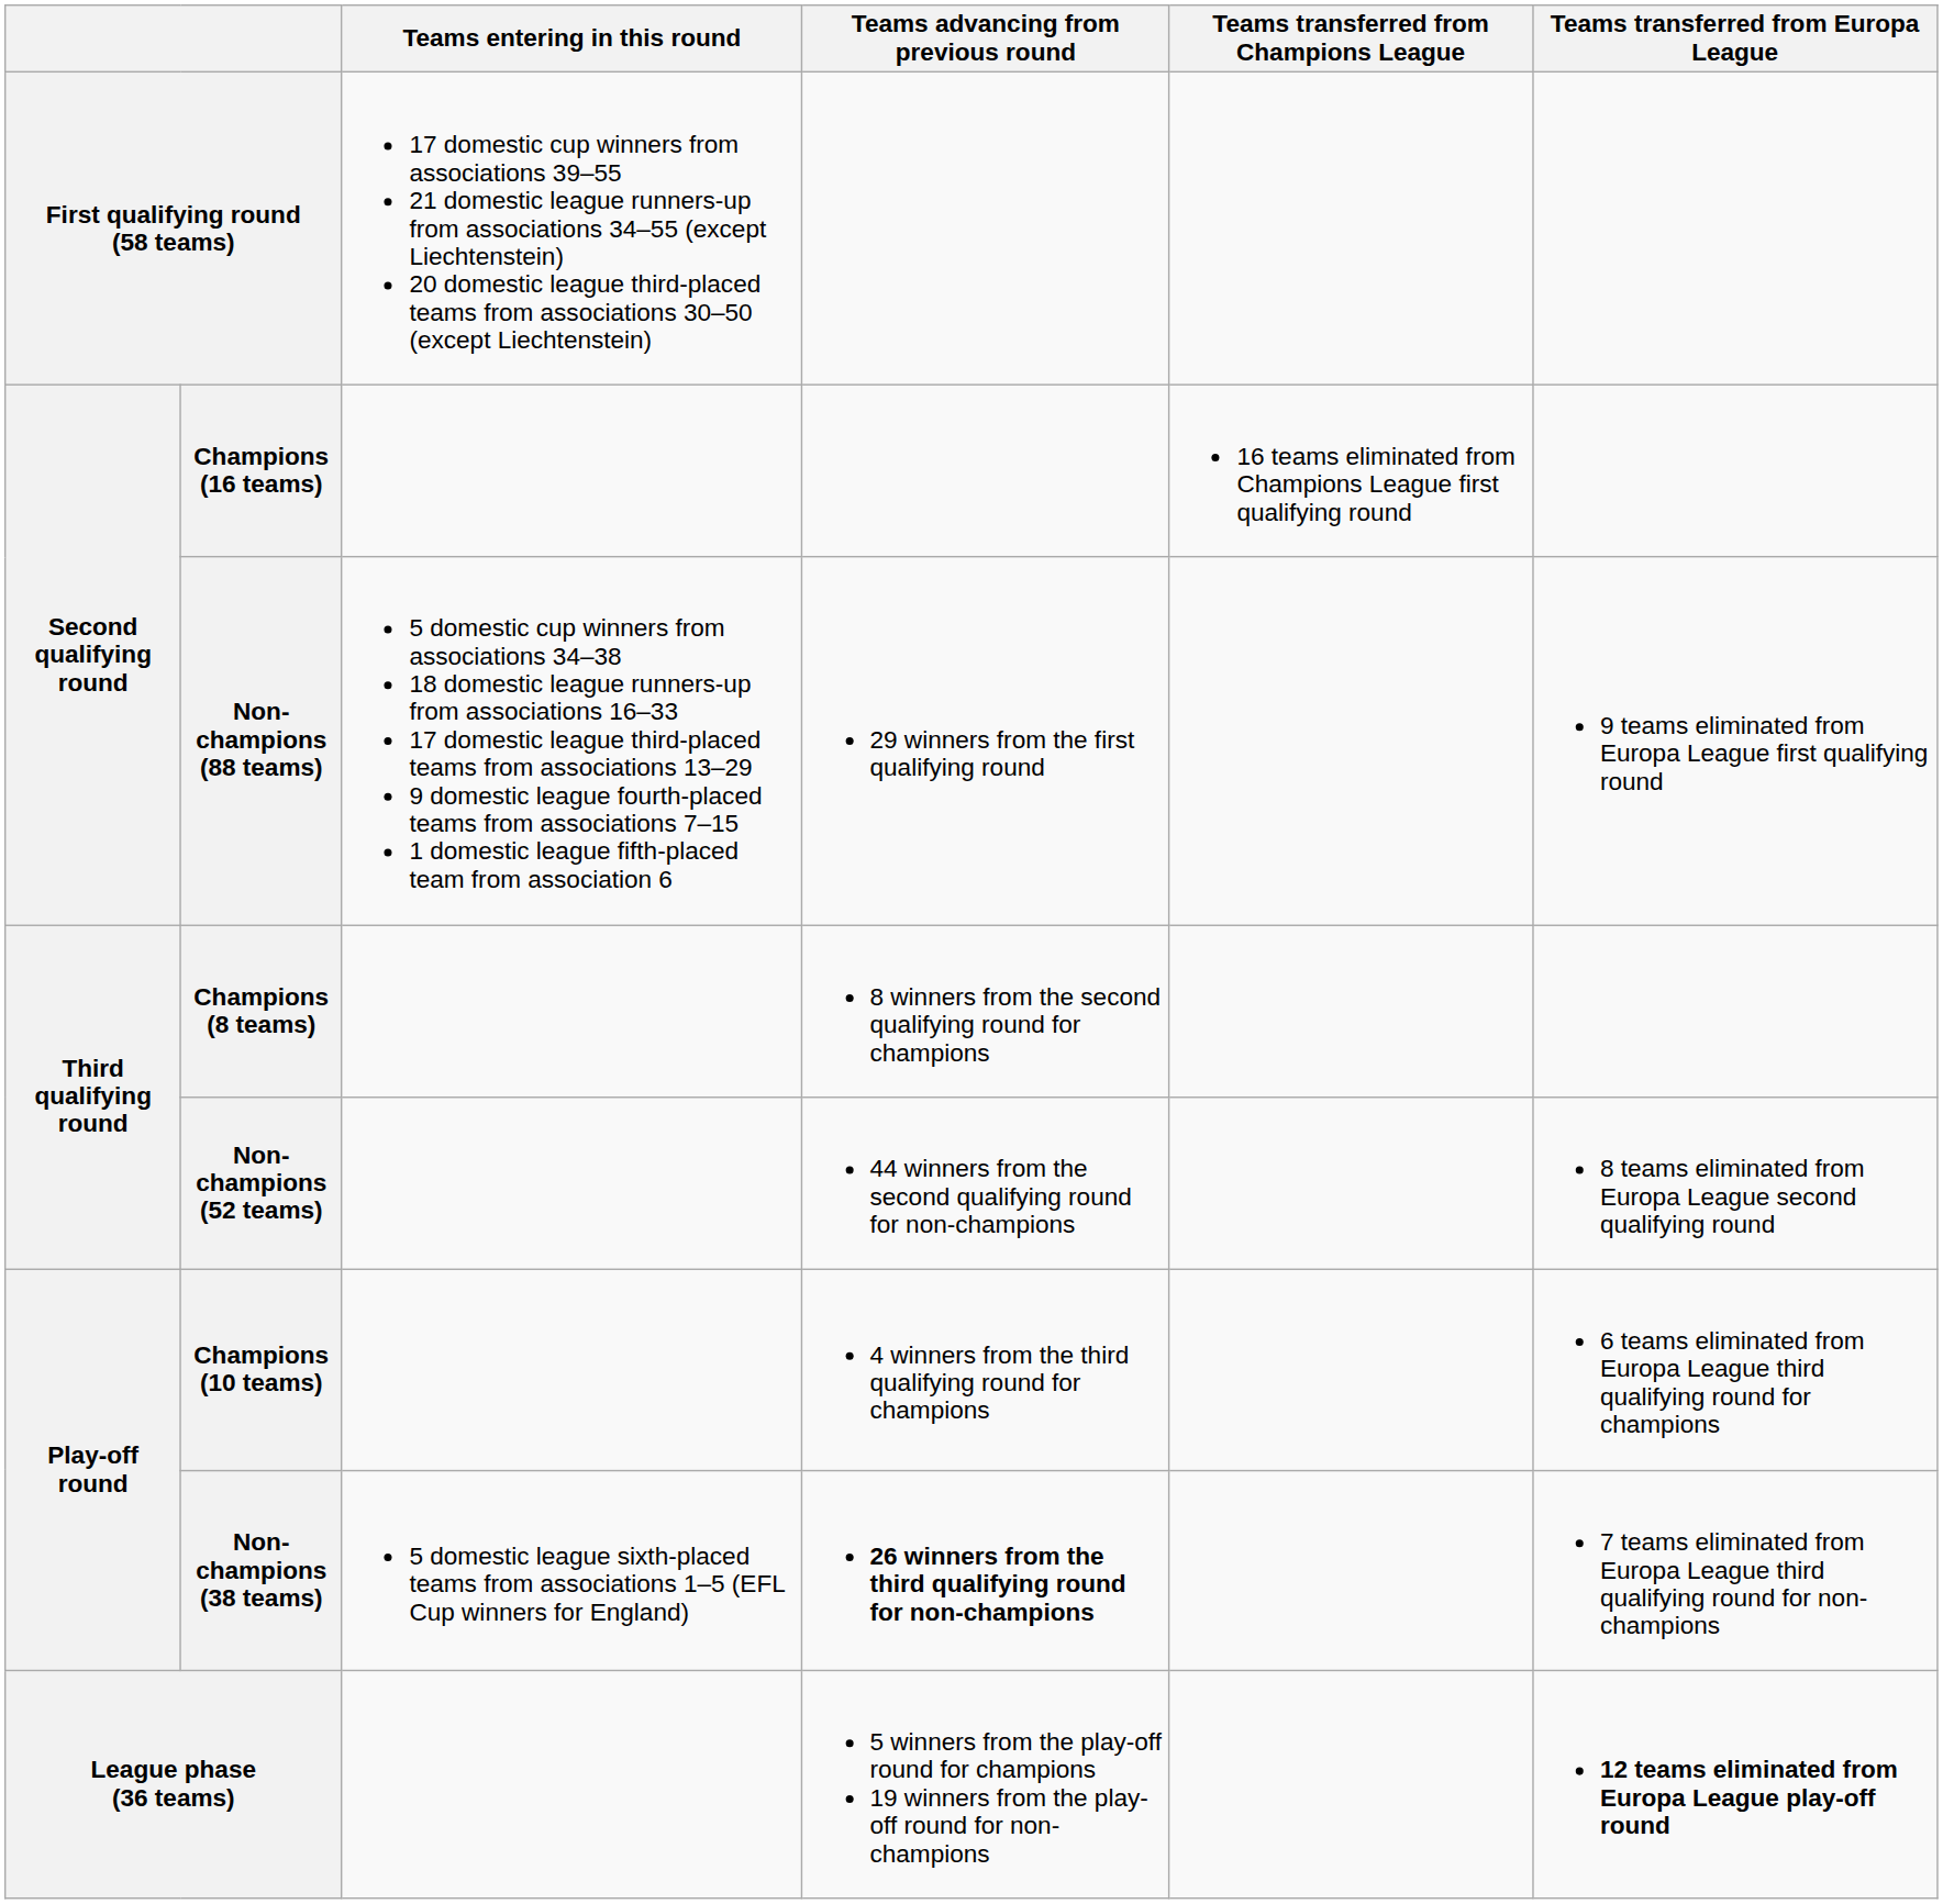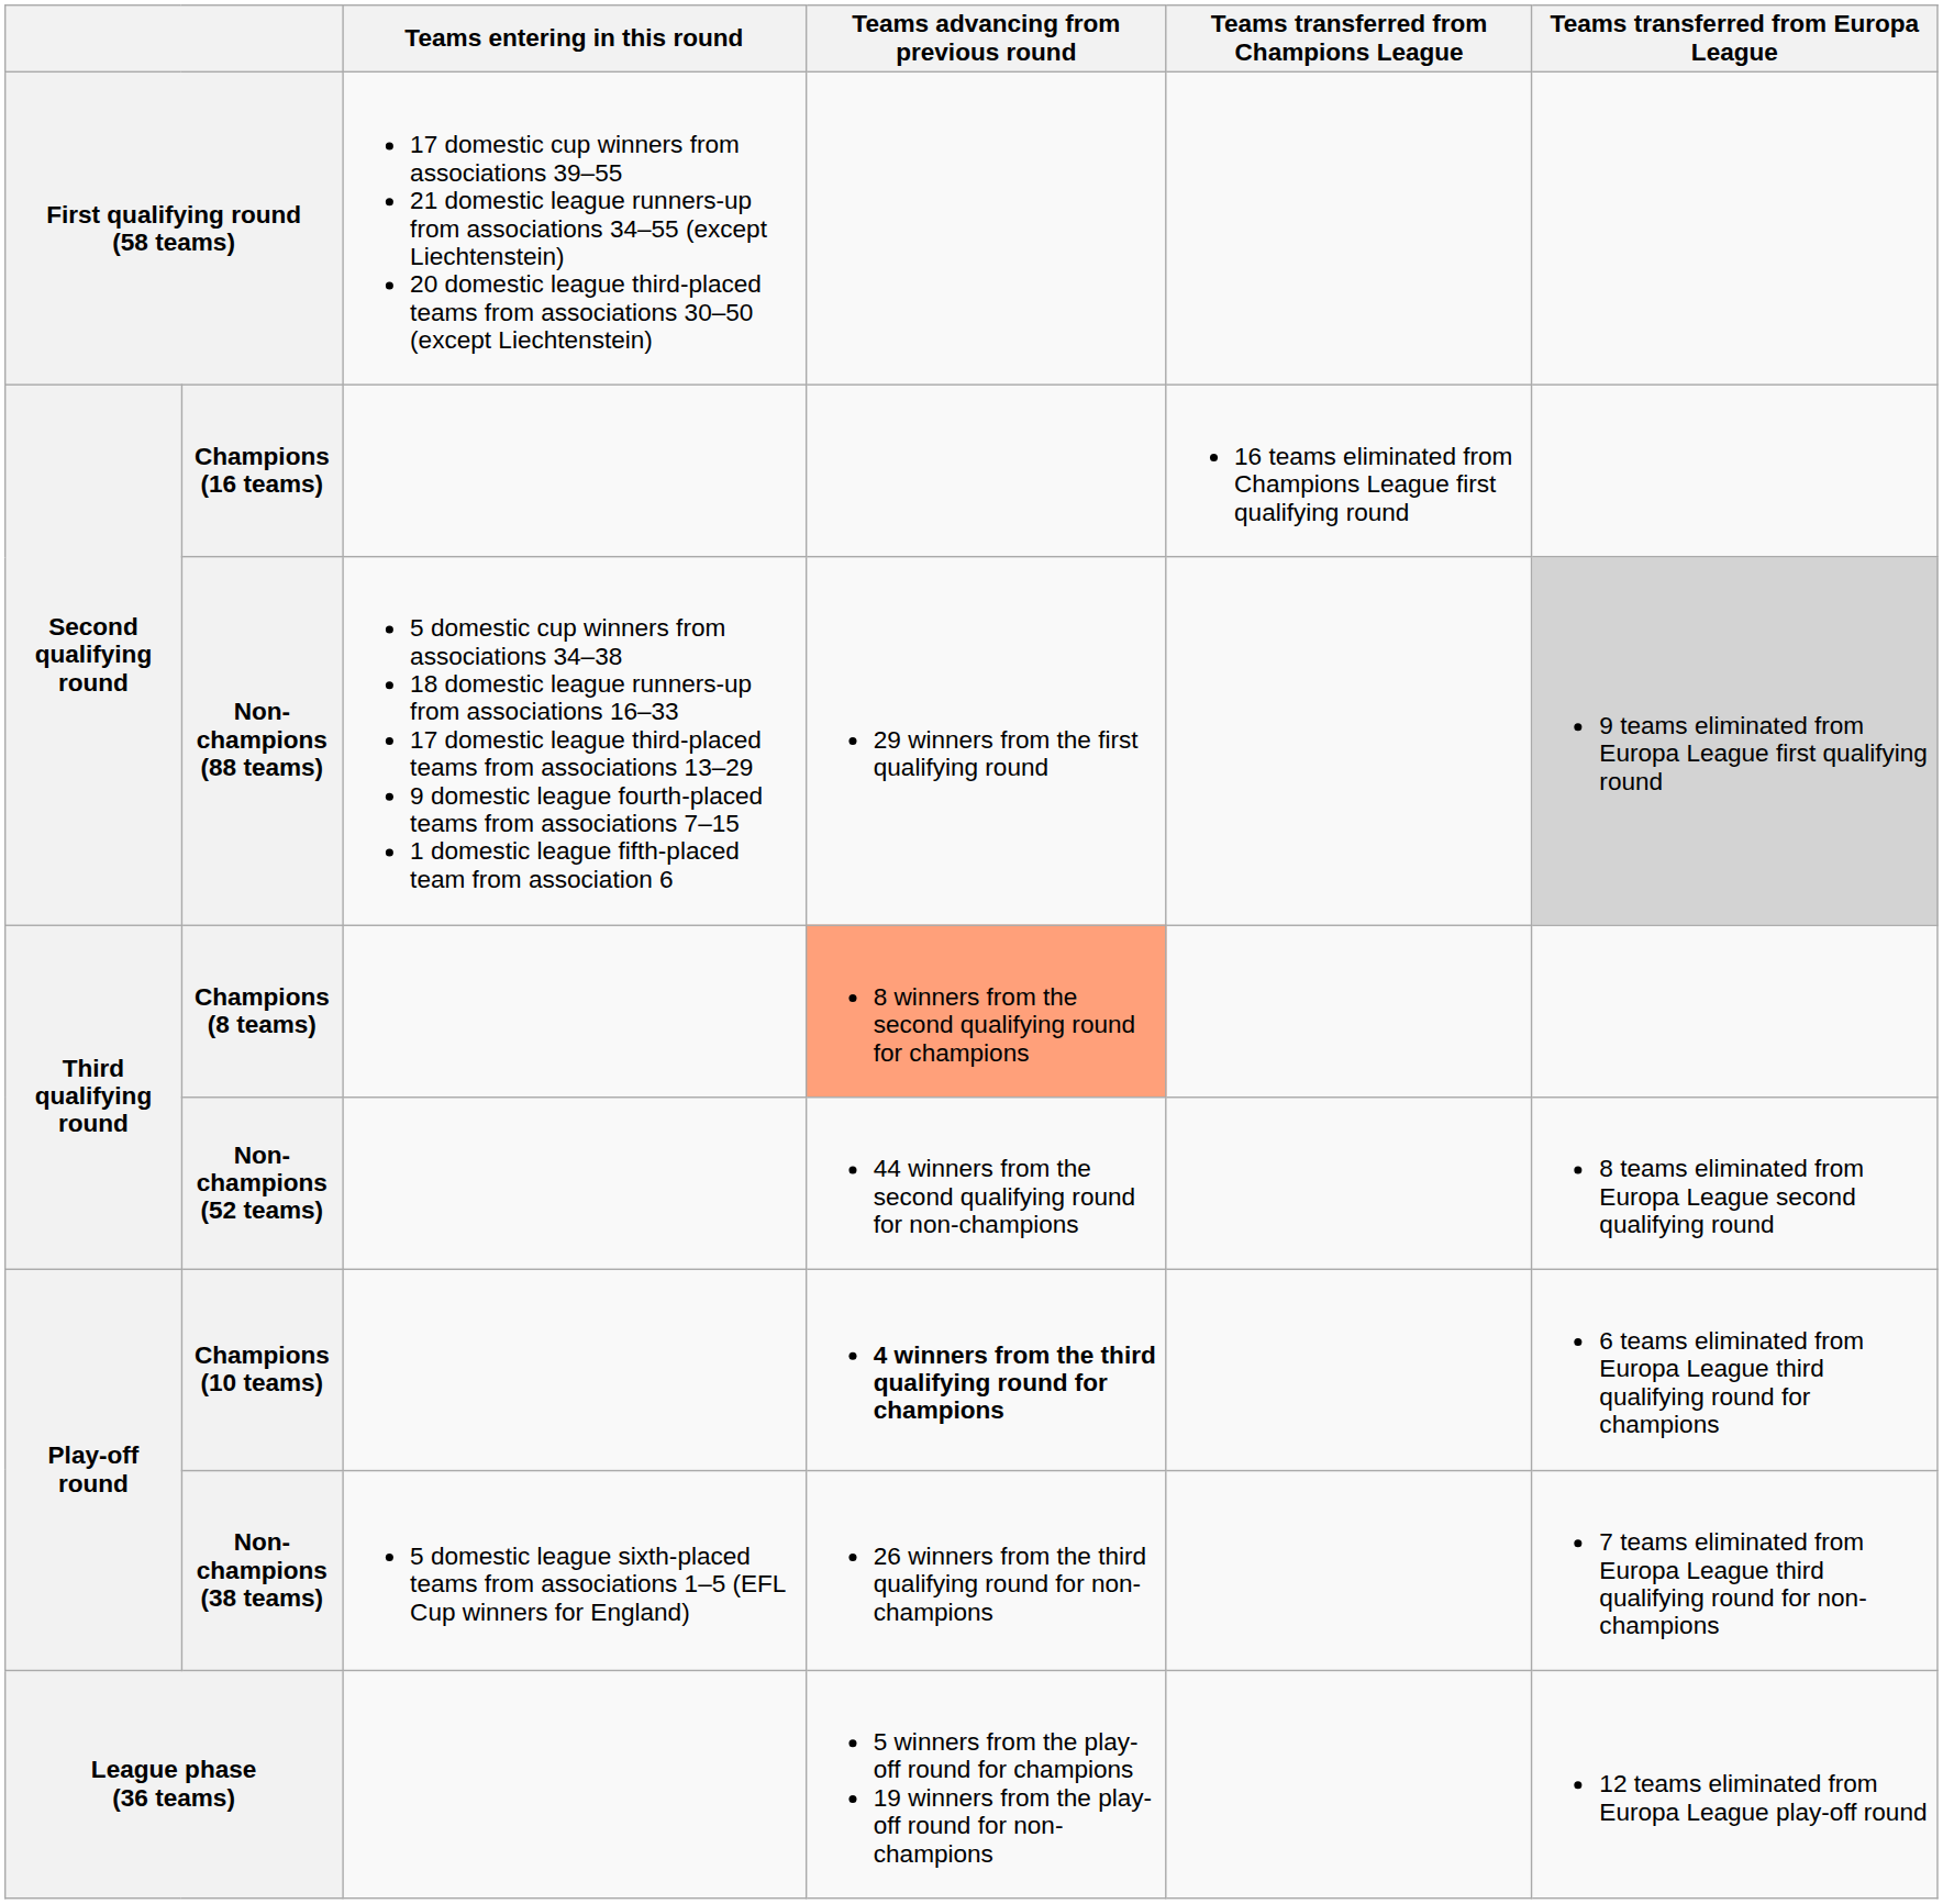 <table class="wikitable">
 <tr>
 <th colspan=2></th>
 <th>Teams entering in this round</th>
 <th>Teams advancing from previous round</th>
 <th>Teams transferred from Champions League</th>
 <th>Teams transferred from Europa League</th>
 </tr>
 <tr>
 <th colspan=2>First qualifying round<br>(58 teams)</th>
 <td><br><ul><li>17 domestic cup winners from associations 39–55</li><li>21 domestic league runners-up from associations 34–55 (except Liechtenstein)</li><li>20 domestic league third-placed teams from associations 30–50 (except Liechtenstein)</li></ul></td>
 <td></td>
 <td></td>
 <td></td>
 </tr>
 <tr>
 <th rowspan=2>Second qualifying round<br></th>
 <th>Champions<br>(16 teams)</th>
 <td></td>
 <td></td>
 <td><br><ul><li>16 teams eliminated from Champions League first qualifying round</li></ul></td>
 <td></td>
 </tr>
 <tr>
 <th>Non-champions<br>(88 teams)</th>
 <td><br><ul><li>5 domestic cup winners from associations 34–38</li><li>18 domestic league runners-up from associations 16–33</li><li>17 domestic league third-placed teams from associations 13–29</li><li>9 domestic league fourth-placed teams from associations 7–15</li><li>1 domestic league fifth-placed team from association 6</li></ul></td>
 <td><br><ul><li>29 winners from the first qualifying round</li></ul></td>
 <td></td>
-<td><br><ul><li>9 teams eliminated from Europa League first qualifying round</li></ul></td>
+<td style="background: lightgrey;"><br><ul><li>9 teams eliminated from Europa League first qualifying round</li></ul></td>
 </tr>
 <tr>
 <th rowspan=2>Third qualifying round<br></th>
 <th>Champions<br>(8 teams)</th>
 <td></td>
-<td><br><ul><li>8 winners from the second qualifying round for champions</li></ul></td>
+<td style="background: lightsalmon;"><br><ul><li>8 winners from the second qualifying round for champions</li></ul></td>
 <td></td>
 </tr>
 <tr>
 <th>Non-champions<br>(52 teams)</th>
 <td></td>
 <td><br><ul><li>44 winners from the second qualifying round for non-champions</li></ul></td>
 <td></td>
 <td><br><ul><li>8 teams eliminated from Europa League second qualifying round</li></ul></td>
 </tr>
 <tr>
 <th rowspan=2>Play-off round<br></th>
 <th>Champions<br>(10 teams)</th>
 <td></td>
-<td><br><ul><li>4 winners from the third qualifying round for champions</li></ul></td>
+<td><strong><br><ul><li>4 winners from the third qualifying round for champions</li></ul></strong></td>
 <td></td>
 <td><br><ul><li>6 teams eliminated from Europa League third qualifying round for champions</li></ul></td>
 </tr>
 <tr>
 <th>Non-champions<br>(38 teams)</th>
 <td><br><ul><li>5 domestic league sixth-placed teams from associations 1–5 (EFL Cup winners for England)</li></ul></td>
-<td><strong><br><ul><li>26 winners from the third qualifying round for non-champions</li></ul></strong></td>
+<td><br><ul><li>26 winners from the third qualifying round for non-champions</li></ul></td>
 <td></td>
 <td><br><ul><li>7 teams eliminated from Europa League third qualifying round for non-champions</li></ul></td>
 </tr>
 <tr>
 <th colspan=2>League phase<br>(36 teams)</th>
 <td></td>
 <td><br><ul><li>5 winners from the play-off round for champions</li><li>19 winners from the play-off round for non-champions</li></ul></td>
 <td></td>
-<td><strong><br><ul><li>12 teams eliminated from Europa League play-off round</li></ul></strong></td>
+<td><br><ul><li>12 teams eliminated from Europa League play-off round</li></ul></td>
 </tr>
 </table>
